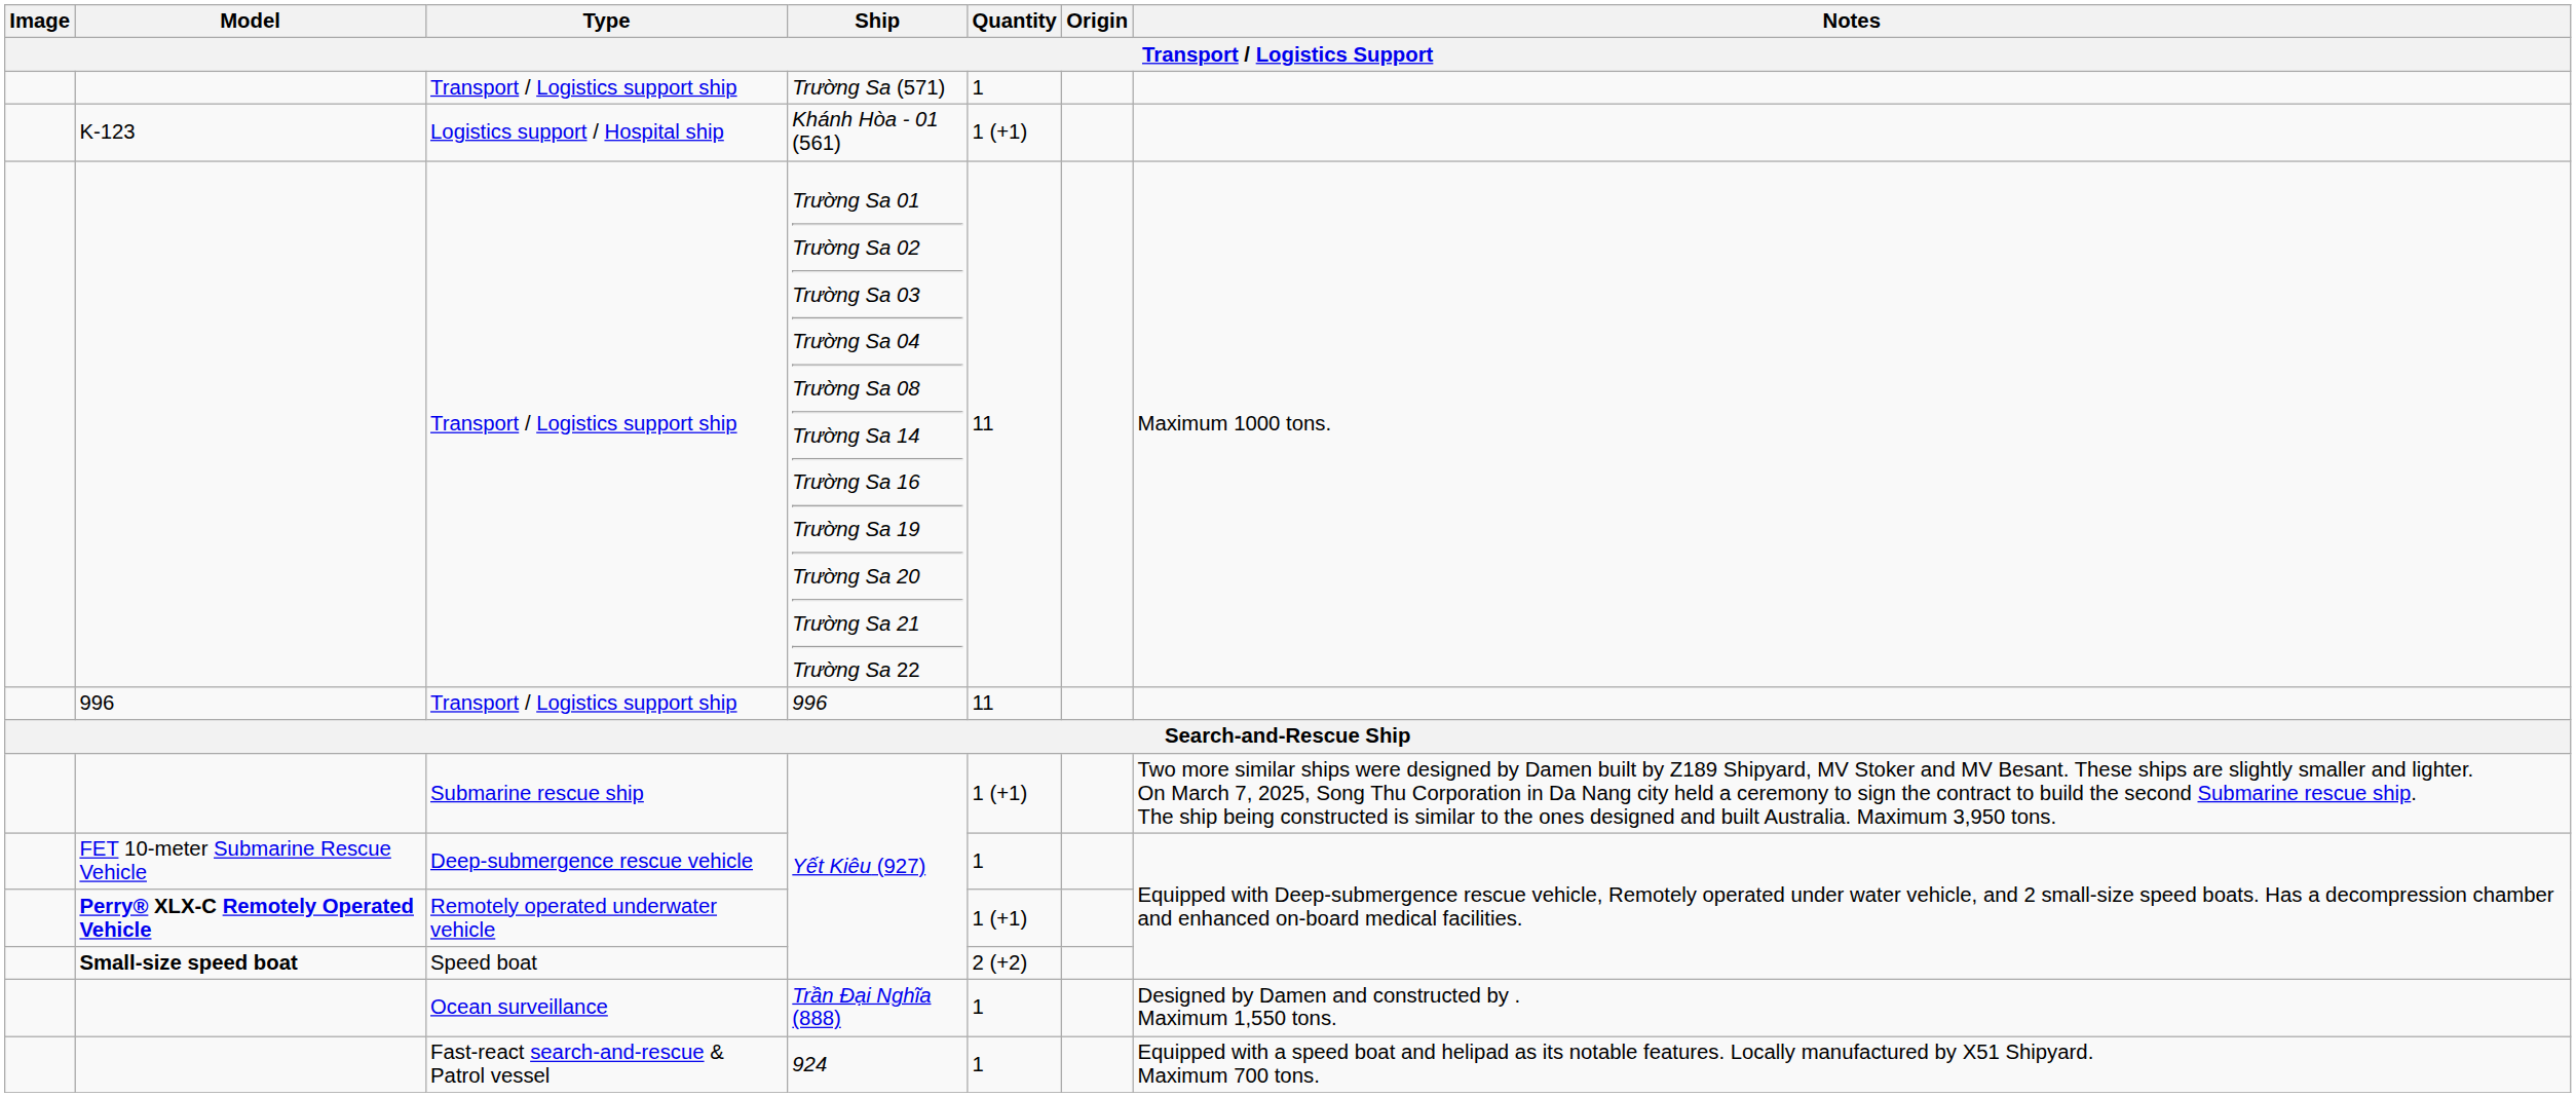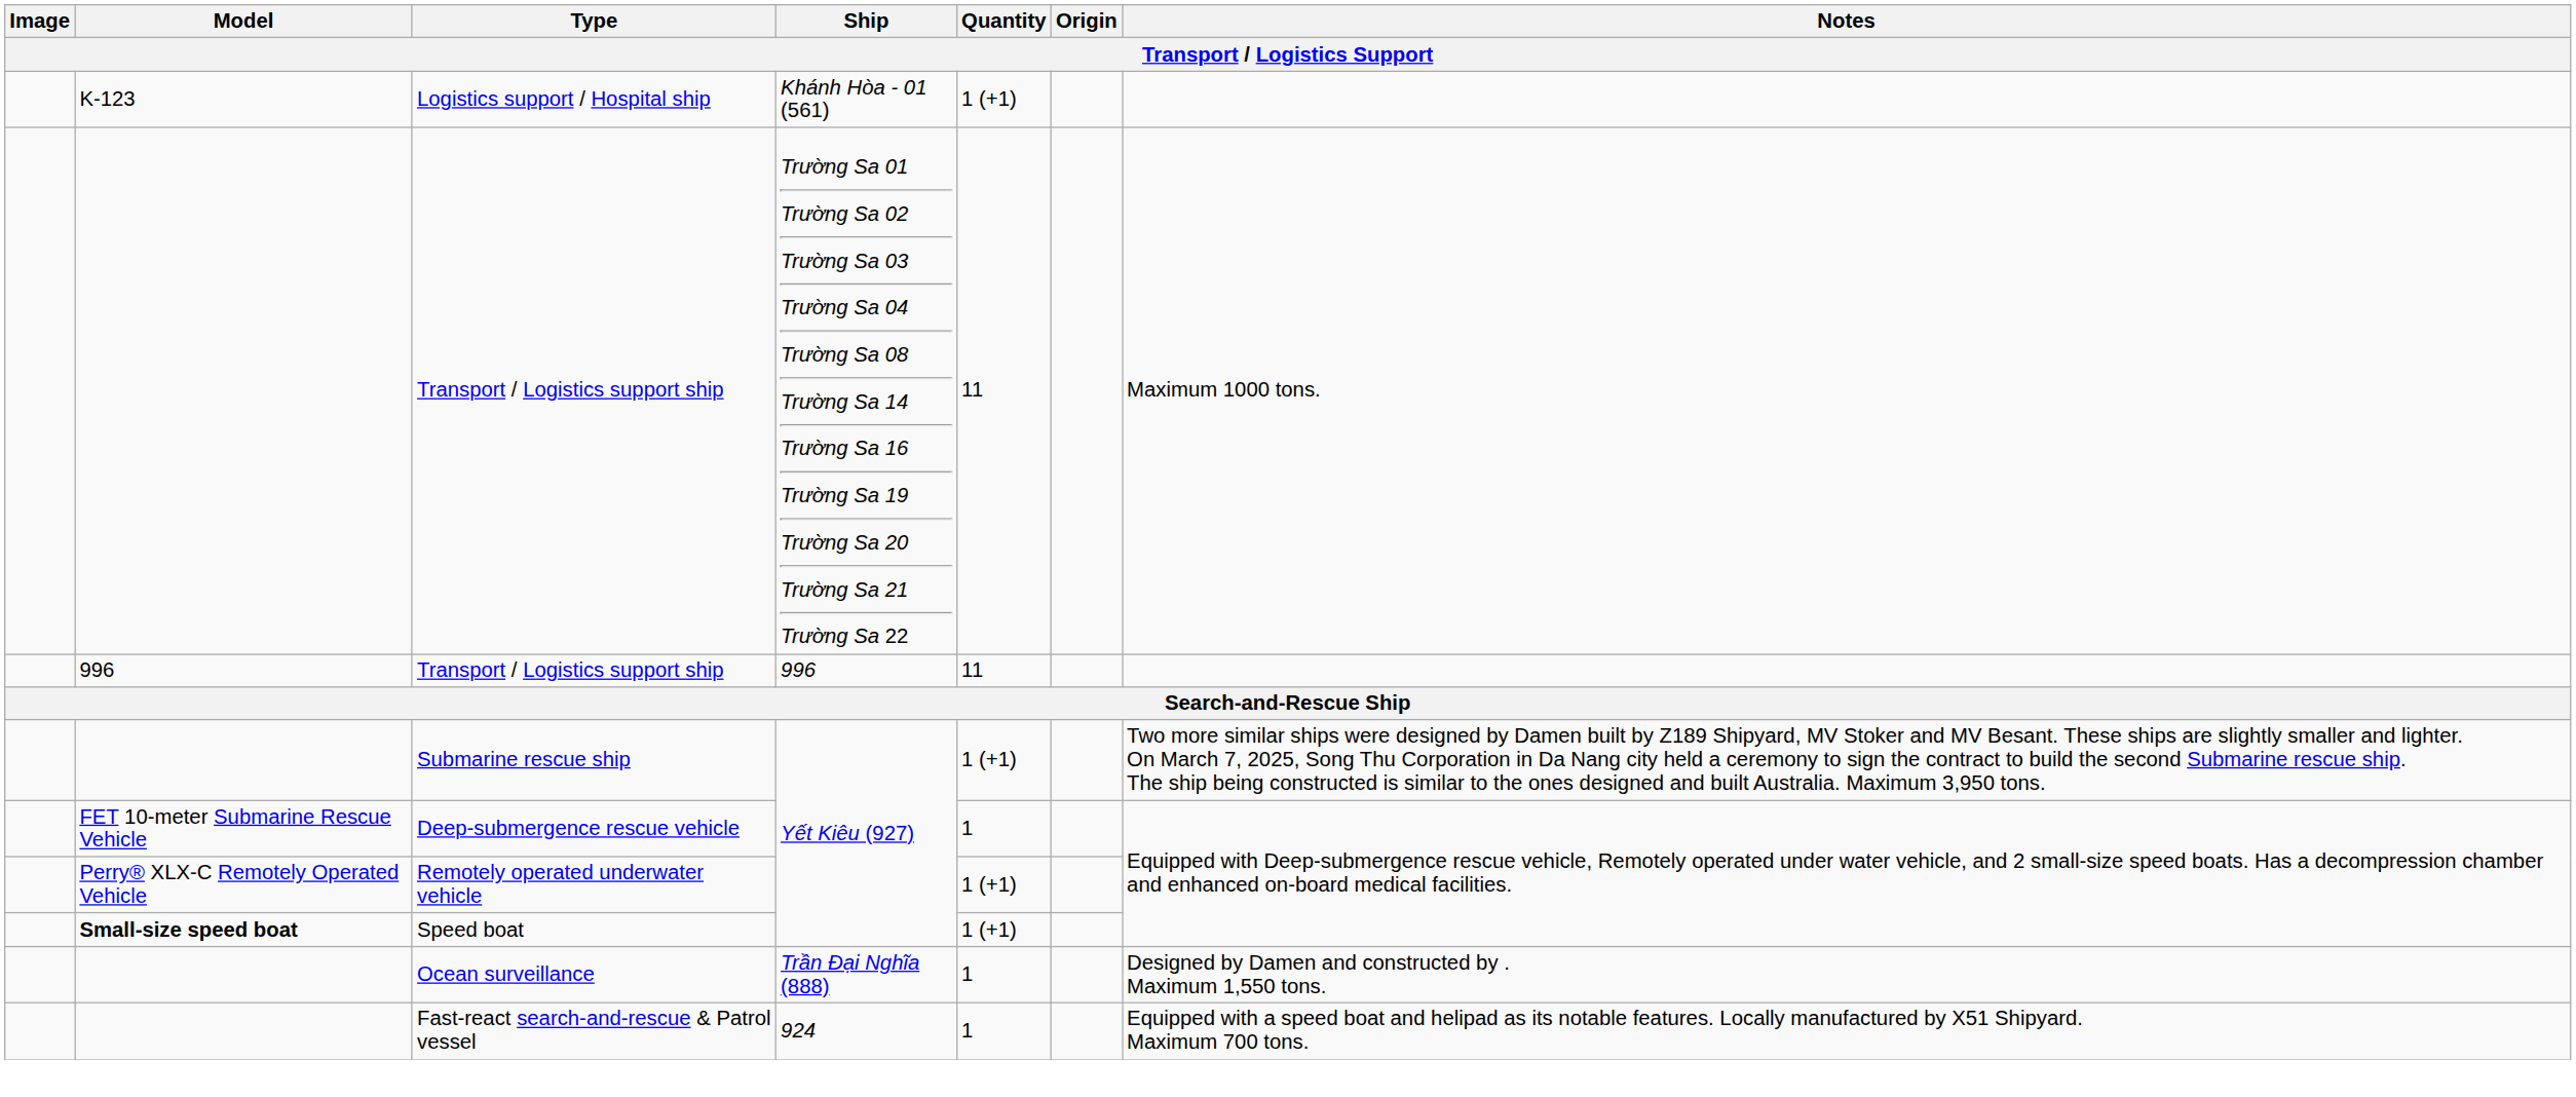 <table class="wikitable">
 <tr>
 <th>Image</th>
 <th>Model</th>
 <th>Type</th>
 <th>Ship</th>
 <th>Quantity</th>
 <th>Origin</th>
 <th>Notes</th>
 </tr>
 <tr>
 <th colspan="7"><a href='#'>Transport</a> / <a href='#'>Logistics Support</a></th>
-</tr>
-<tr>
-<td></td>
-<td></td>
-<td><a href='#'>Transport</a> / <a href='#'>Logistics support ship</a></td>
-<td><em>Trường Sa</em> (571)</td>
-<td>1</td>
-<td></td>
-<td></td>
 </tr>
 <tr>
 <td></td>
 <td>K-123</td>
 <td><a href='#'>Logistics support</a> / <a href='#'>Hospital ship</a></td>
 <td><em>Khánh Hòa - 01</em> (561)</td>
 <td>1 (+1)</td>
 <td></td>
 <td></td>
 </tr>
 <tr>
 <td></td>
 <td></td>
 <td><a href='#'>Transport</a> / <a href='#'>Logistics support ship</a></td>
 <td><br><em>Trường Sa 01</em><hr><em>Trường Sa 02</em><hr><em>Trường Sa 03</em><hr><em>Trường Sa 04</em><hr><em>Trường Sa 08</em><hr><em>Trường Sa 14</em><hr><em>Trường Sa 16</em><hr><em>Trường Sa 19</em><hr><em>Trường Sa 20</em><hr><em>Trường Sa 21</em><hr><em>Trường Sa</em>   22</td>
 <td>11</td>
 <td></td>
 <td>Maximum 1000 tons.</td>
 </tr>
 <tr>
 <td></td>
 <td>996</td>
 <td><a href='#'>Transport</a> / <a href='#'>Logistics support ship</a></td>
 <td><em>996</em></td>
 <td>11</td>
 <td></td>
 <td></td>
 </tr>
 <tr>
 <th colspan="7">Search-and-Rescue Ship</th>
 </tr>
 <tr>
 <td></td>
 <td></td>
 <td><a href='#'>Submarine rescue ship</a></td>
 <td rowspan="4"><a href='#'><em>Yết Kiêu</em> (927)</a></td>
 <td>1 (+1)</td>
 <td><br></td>
 <td>Two more similar ships were designed by Damen built by Z189 Shipyard, MV Stoker and MV Besant. These ships are slightly smaller and lighter.<br>On March 7, 2025, Song Thu Corporation in Da Nang city held a ceremony to sign the contract to build the second <a href='#'>Submarine rescue ship</a>.<br>The ship being constructed is similar to the ones designed and built Australia.  Maximum 3,950 tons.</td>
 </tr>
 <tr>
 <td></td>
 <td><a href='#'>FET</a> 10-meter <a href='#'>Submarine Rescue Vehicle</a></td>
 <td><a href='#'>Deep-submergence rescue vehicle</a></td>
 <td>1</td>
 <td></td>
 <td rowspan="3">Equipped with Deep-submergence rescue vehicle, Remotely operated under water vehicle, and 2 small-size speed boats. Has a decompression chamber and enhanced on-board medical facilities.</td>
 </tr>
 <tr>
 <td></td>
-<td><strong><a href='#'>Perry®</a> XLX-C <a href='#'>Remotely Operated Vehicle</a></strong></td>
+<td><a href='#'>Perry®</a> XLX-C <a href='#'>Remotely Operated Vehicle</a></td>
 <td><a href='#'>Remotely operated underwater vehicle</a></td>
 <td>1 (+1)</td>
 <td></td>
 </tr>
 <tr>
 <td></td>
 <td><strong>Small-size speed boat</strong></td>
 <td>Speed boat</td>
-<td>2 (+2)</td>
+<td>1 (+1)</td>
 <td><br></td>
 </tr>
 <tr>
 <td></td>
 <td></td>
 <td><a href='#'>Ocean surveillance</a></td>
 <td><a href='#'><em>Trần Đại Nghĩa</em> (888)</a></td>
 <td>1</td>
 <td><br></td>
 <td>Designed by Damen and constructed by .<br>Maximum 1,550 tons.</td>
 </tr>
 <tr>
 <td></td>
 <td></td>
 <td>Fast-react <a href='#'>search-and-rescue</a> & Patrol vessel</td>
 <td><em>924</em></td>
 <td>1</td>
 <td></td>
 <td>Equipped with a speed boat and helipad as its notable features. Locally manufactured by X51 Shipyard.<br>Maximum 700 tons.</td>
 </tr>
 </table>
